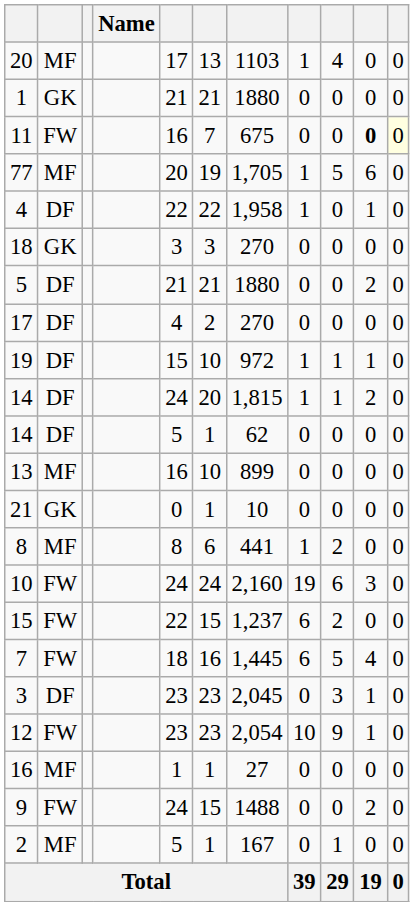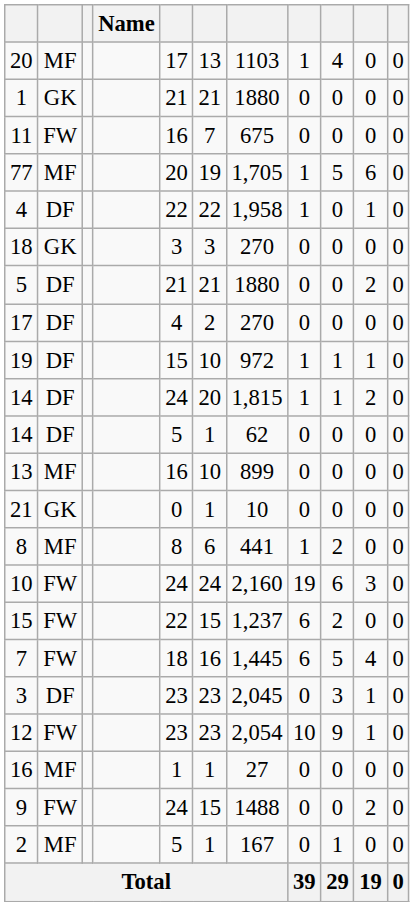 <table class="wikitable sortable" style="text-align:center;font-size:95%;">
 <tr>
 <th scope="col"></th>
 <th scope="col"></th>
 <th scope="col"></th>
 <th scope="col">Name</th>
 <th scope="col"></th>
 <th scope="col"></th>
 <th scope="col"></th>
 <th scope="col"></th>
 <th scope="col"></th>
 <th scope="col"></th>
 <th scope="col"></th>
 </tr>
 <tr>
 <td>20</td>
 <td>MF</td>
 <td></td>
 <td></td>
 <td>17</td>
 <td>13</td>
 <td>1103</td>
 <td>1</td>
 <td>4</td>
 <td>0</td>
 <td>0</td>
 </tr>
 <tr>
 <td>1</td>
 <td>GK</td>
 <td></td>
 <td></td>
 <td>21</td>
 <td>21</td>
 <td>1880</td>
 <td>0</td>
 <td>0</td>
 <td>0</td>
 <td>0</td>
 </tr>
 <tr>
 <td>11</td>
 <td>FW</td>
 <td></td>
 <td></td>
 <td>16</td>
 <td>7</td>
 <td>675</td>
 <td>0</td>
 <td>0</td>
-<td><strong>0</strong></td>
-<td style="background: lightyellow;">0</td>
+<td>0</td>
+<td>0</td>
 </tr>
 <tr>
 <td>77</td>
 <td>MF</td>
 <td></td>
 <td></td>
 <td>20</td>
 <td>19</td>
 <td>1,705</td>
 <td>1</td>
 <td>5</td>
 <td>6</td>
 <td>0</td>
 </tr>
 <tr>
 <td>4</td>
 <td>DF</td>
 <td></td>
 <td></td>
 <td>22</td>
 <td>22</td>
 <td>1,958</td>
 <td>1</td>
 <td>0</td>
 <td>1</td>
 <td>0</td>
 </tr>
 <tr>
 <td>18</td>
 <td>GK</td>
 <td></td>
 <td></td>
 <td>3</td>
 <td>3</td>
 <td>270</td>
 <td>0</td>
 <td>0</td>
 <td>0</td>
 <td>0</td>
 </tr>
 <tr>
 <td>5</td>
 <td>DF</td>
 <td></td>
 <td></td>
 <td>21</td>
 <td>21</td>
 <td>1880</td>
 <td>0</td>
 <td>0</td>
 <td>2</td>
 <td>0</td>
 </tr>
 <tr>
 <td>17</td>
 <td>DF</td>
 <td></td>
 <td></td>
 <td>4</td>
 <td>2</td>
 <td>270</td>
 <td>0</td>
 <td>0</td>
 <td>0</td>
 <td>0</td>
 </tr>
 <tr>
 <td>19</td>
 <td>DF</td>
 <td></td>
 <td></td>
 <td>15</td>
 <td>10</td>
 <td>972</td>
 <td>1</td>
 <td>1</td>
 <td>1</td>
 <td>0</td>
 </tr>
 <tr>
 <td>14</td>
 <td>DF</td>
 <td></td>
 <td></td>
 <td>24</td>
 <td>20</td>
 <td>1,815</td>
 <td>1</td>
 <td>1</td>
 <td>2</td>
 <td>0</td>
 </tr>
 <tr>
 <td>14</td>
 <td>DF</td>
 <td></td>
 <td></td>
 <td>5</td>
 <td>1</td>
 <td>62</td>
 <td>0</td>
 <td>0</td>
 <td>0</td>
 <td>0</td>
 </tr>
 <tr>
 <td>13</td>
 <td>MF</td>
 <td></td>
 <td></td>
 <td>16</td>
 <td>10</td>
 <td>899</td>
 <td>0</td>
 <td>0</td>
 <td>0</td>
 <td>0</td>
 </tr>
 <tr>
 <td>21</td>
 <td>GK</td>
 <td></td>
 <td></td>
 <td>0</td>
 <td>1</td>
 <td>10</td>
 <td>0</td>
 <td>0</td>
 <td>0</td>
 <td>0</td>
 </tr>
 <tr>
 <td>8</td>
 <td>MF</td>
 <td></td>
 <td></td>
 <td>8</td>
 <td>6</td>
 <td>441</td>
 <td>1</td>
 <td>2</td>
 <td>0</td>
 <td>0</td>
 </tr>
 <tr>
 <td>10</td>
 <td>FW</td>
 <td></td>
 <td></td>
 <td>24</td>
 <td>24</td>
 <td>2,160</td>
 <td>19</td>
 <td>6</td>
 <td>3</td>
 <td>0</td>
 </tr>
 <tr>
 <td>15</td>
 <td>FW</td>
 <td></td>
 <td></td>
 <td>22</td>
 <td>15</td>
 <td>1,237</td>
 <td>6</td>
 <td>2</td>
 <td>0</td>
 <td>0</td>
 </tr>
 <tr>
 <td>7</td>
 <td>FW</td>
 <td></td>
 <td></td>
 <td>18</td>
 <td>16</td>
 <td>1,445</td>
 <td>6</td>
 <td>5</td>
 <td>4</td>
 <td>0</td>
 </tr>
 <tr>
 <td>3</td>
 <td>DF</td>
 <td></td>
 <td></td>
 <td>23</td>
 <td>23</td>
 <td>2,045</td>
 <td>0</td>
 <td>3</td>
 <td>1</td>
 <td>0</td>
 </tr>
 <tr>
 <td>12</td>
 <td>FW</td>
 <td></td>
 <td></td>
 <td>23</td>
 <td>23</td>
 <td>2,054</td>
 <td>10</td>
 <td>9</td>
 <td>1</td>
 <td>0</td>
 </tr>
 <tr>
 <td>16</td>
 <td>MF</td>
 <td></td>
 <td></td>
 <td>1</td>
 <td>1</td>
 <td>27</td>
 <td>0</td>
 <td>0</td>
 <td>0</td>
 <td>0</td>
 </tr>
 <tr>
 <td>9</td>
 <td>FW</td>
 <td></td>
 <td></td>
 <td>24</td>
 <td>15</td>
 <td>1488</td>
 <td>0</td>
 <td>0</td>
 <td>2</td>
 <td>0</td>
 </tr>
 <tr>
 <td>2</td>
 <td>MF</td>
 <td></td>
 <td></td>
 <td>5</td>
 <td>1</td>
 <td>167</td>
 <td>0</td>
 <td>1</td>
 <td>0</td>
 <td>0</td>
 </tr>
 <tr>
 <th scope="row" colspan=7>Total</th>
 <th>39</th>
 <th>29</th>
 <th>19</th>
 <th>0</th>
 </tr>
 <tr>
 </tr>
 </table>
